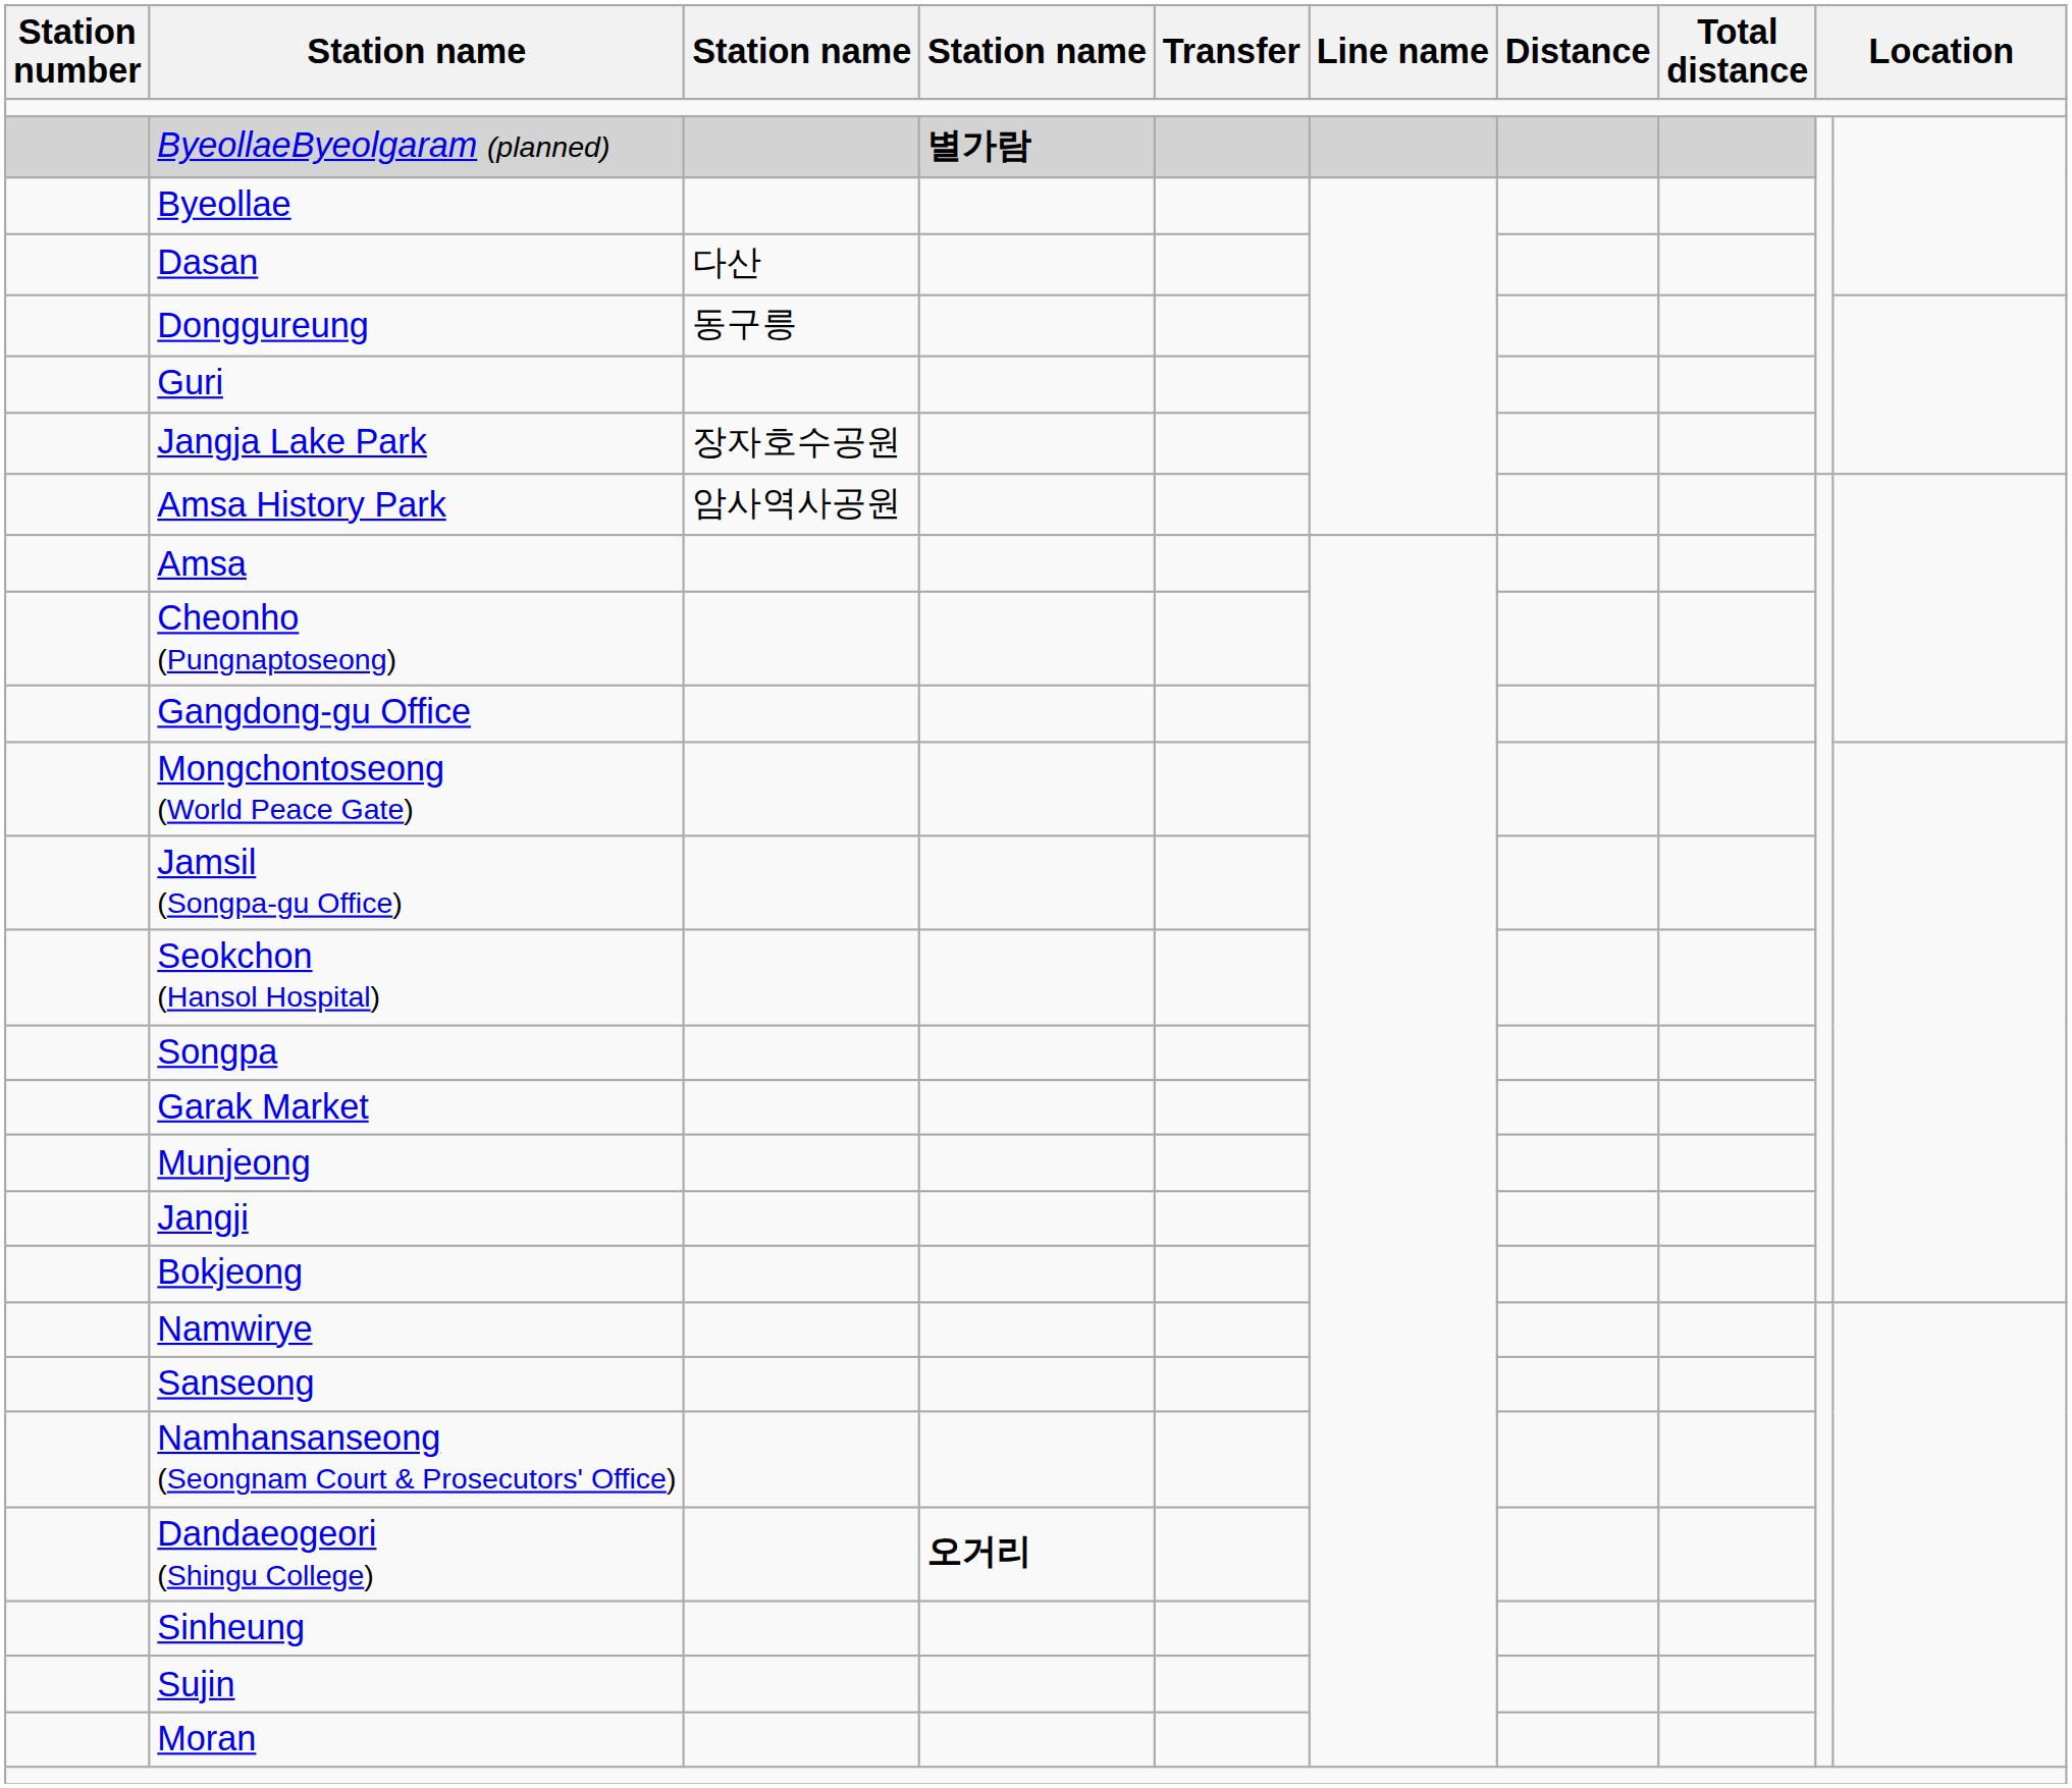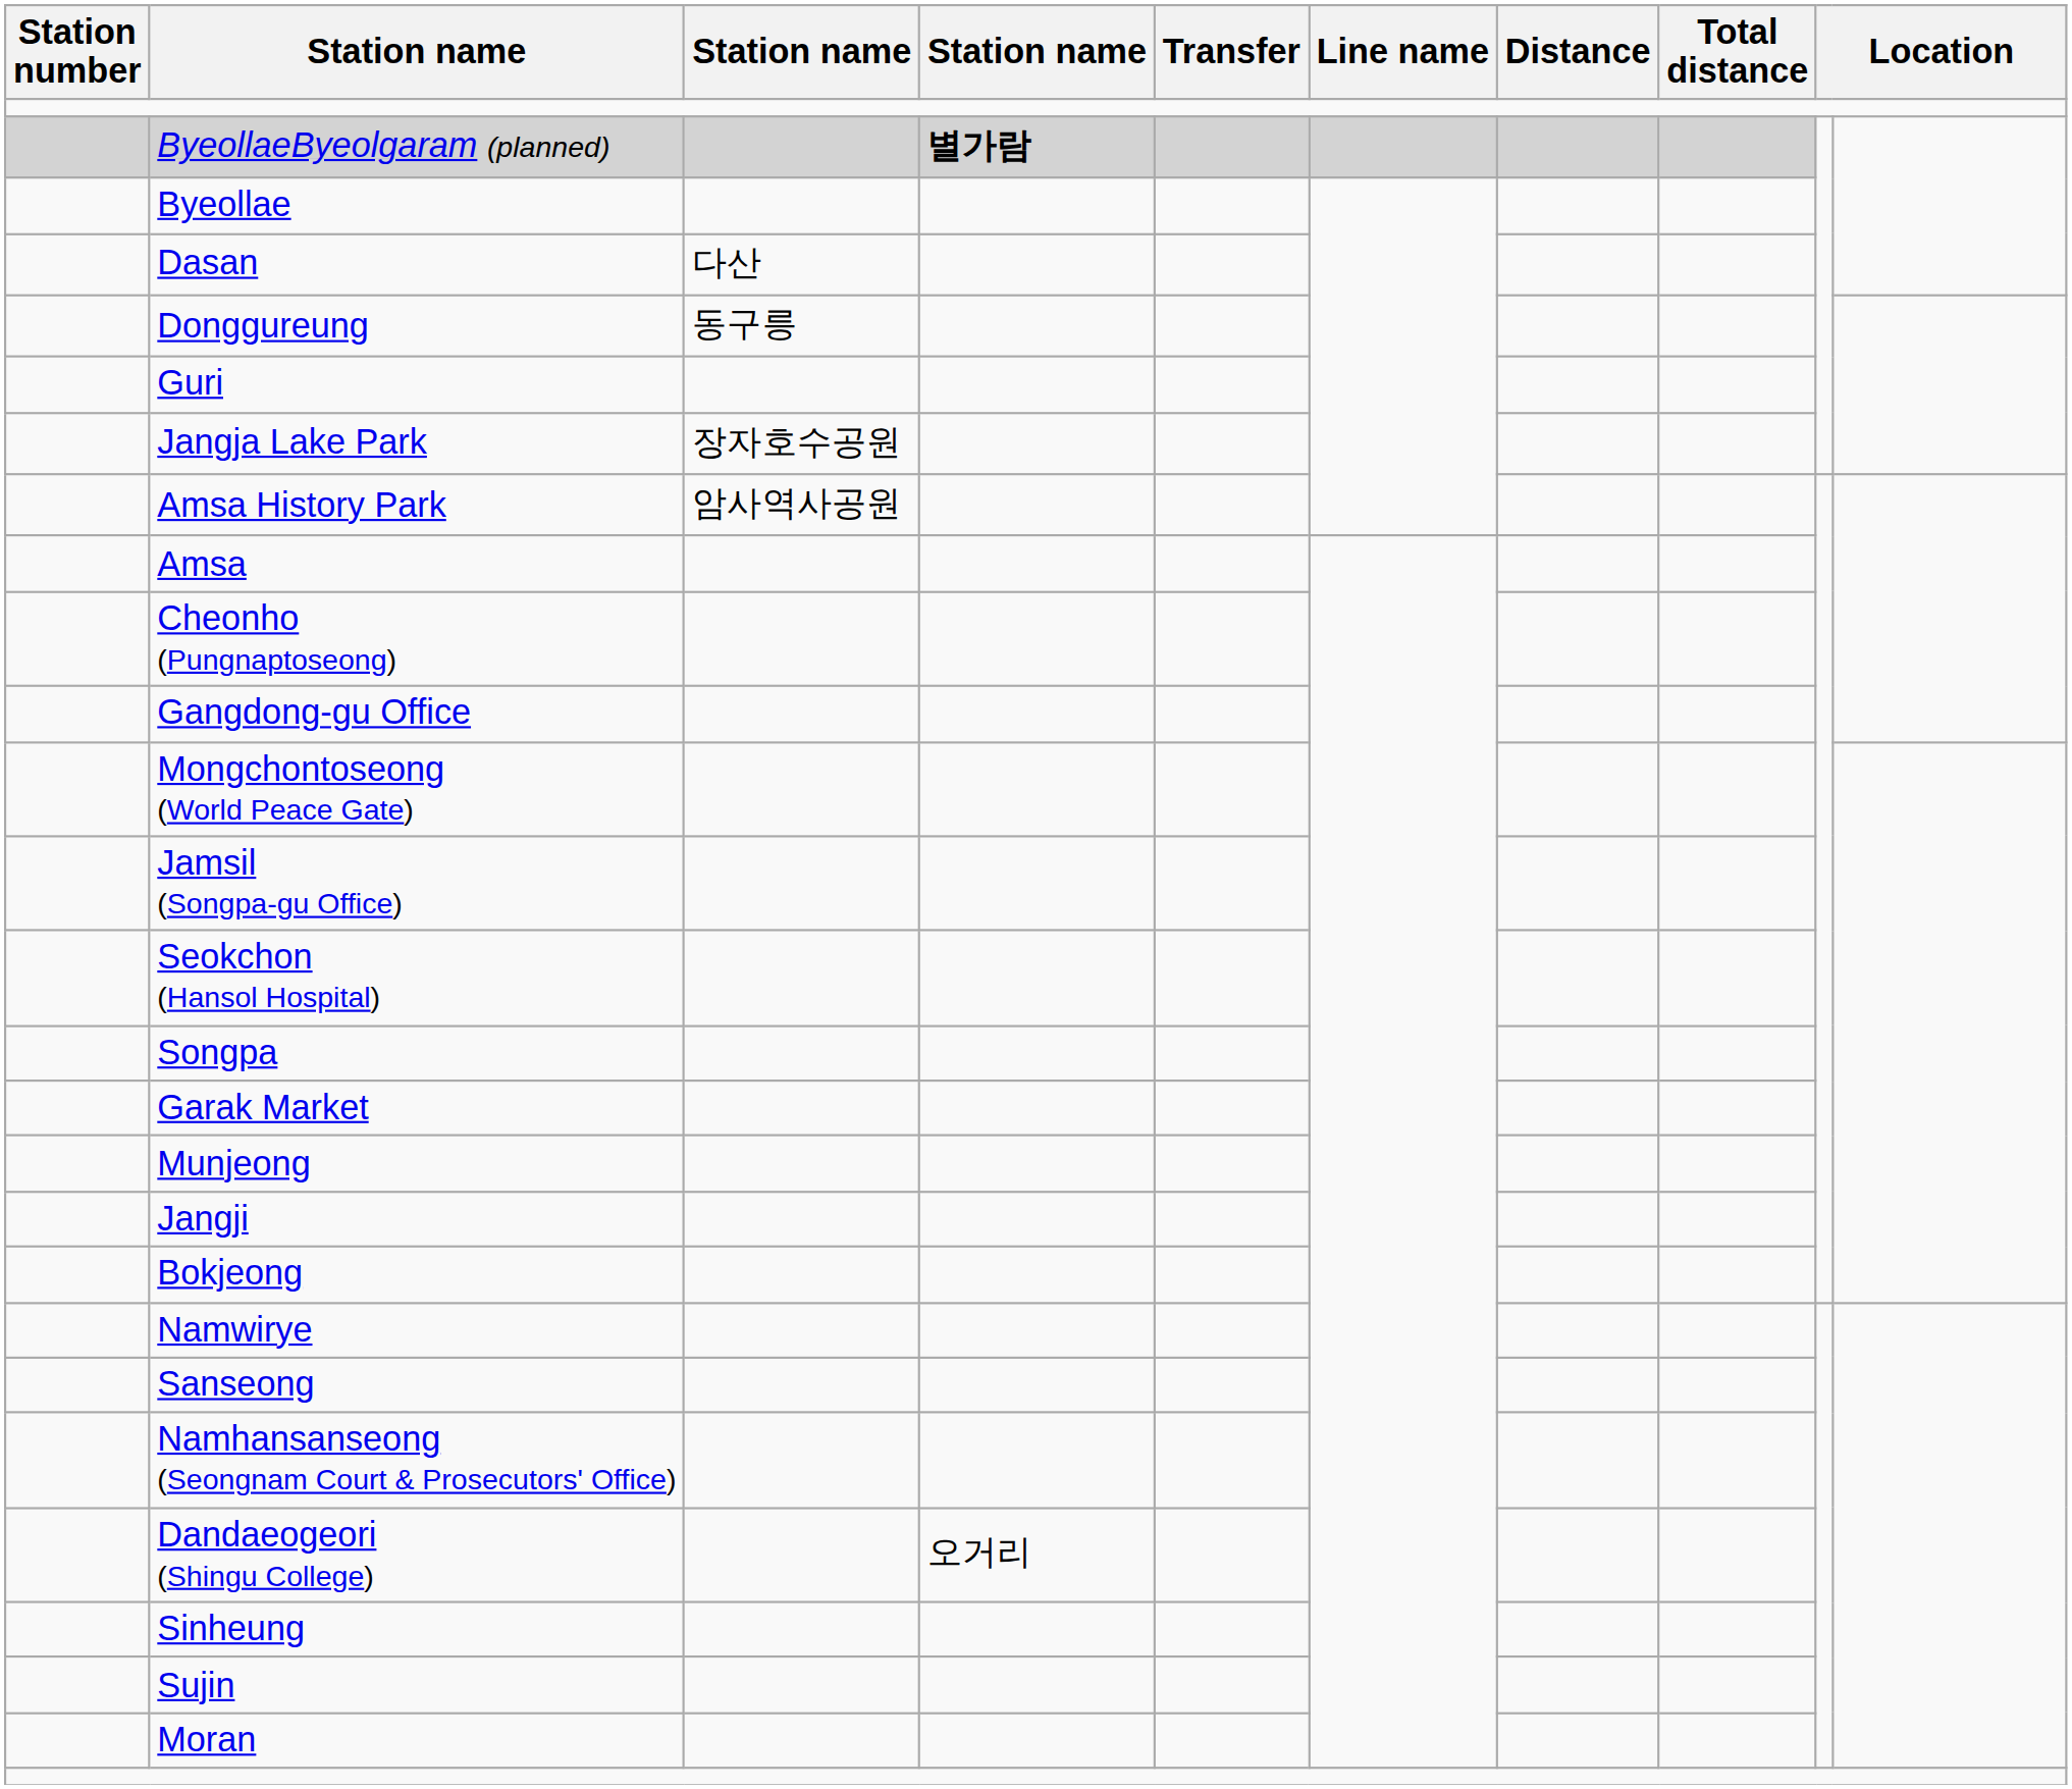 <table class="wikitable">
 <tr>
 <th>Station<br>number</th>
 <th>Station name<br></th>
 <th>Station name<br></th>
 <th>Station name<br></th>
 <th>Transfer</th>
 <th>Line name</th>
 <th>Distance<br></th>
 <th>Total<br>distance</th>
 <th colspan="2">Location</th>
 </tr>
 <tr style="background:#">
 <td colspan="10"></td>
 </tr>
 <tr>
 <td bgcolor="lightgrey"></td>
 <td bgcolor="lightgrey"><em><a href='#'>ByeollaeByeolgaram</a> <small>(planned)</small></em></td>
 <td bgcolor="lightgrey"></td>
 <td bgcolor="lightgrey"><strong>별가람</strong></td>
 <td bgcolor="lightgrey"></td>
 <td bgcolor="lightgrey"></td>
 <td bgcolor="lightgrey"></td>
 <td bgcolor="lightgrey"></td>
 <td rowspan="6"></td>
 <td rowspan="3" width="100pt"></td>
 </tr>
 <tr>
 <td></td>
 <td><a href='#'>Byeollae</a></td>
 <td></td>
 <td></td>
 <td></td>
 <td rowspan="6"></td>
 <td></td>
 <td></td>
 </tr>
 <tr>
 <td></td>
 <td><a href='#'>Dasan</a></td>
 <td>다산</td>
 <td></td>
 <td></td>
 <td></td>
 <td></td>
 </tr>
 <tr>
 <td></td>
 <td><a href='#'>Donggureung</a></td>
 <td>동구릉</td>
 <td></td>
 <td></td>
 <td></td>
 <td></td>
 <td rowspan="3"></td>
 </tr>
 <tr>
 <td></td>
 <td><a href='#'>Guri</a></td>
 <td></td>
 <td></td>
 <td></td>
 <td></td>
 <td></td>
 </tr>
 <tr>
 <td></td>
 <td><a href='#'>Jangja Lake Park</a></td>
 <td>장자호수공원</td>
 <td></td>
 <td></td>
 <td></td>
 <td></td>
 </tr>
 <tr>
 <td></td>
 <td><a href='#'>Amsa History Park</a></td>
 <td>암사역사공원</td>
 <td></td>
 <td></td>
 <td></td>
 <td></td>
 <td rowspan="12"></td>
 <td rowspan="4"></td>
 </tr>
 <tr>
 <td></td>
 <td><a href='#'>Amsa</a></td>
 <td></td>
 <td></td>
 <td></td>
 <td rowspan="18"></td>
 <td></td>
 <td></td>
 </tr>
 <tr>
 <td></td>
 <td><a href='#'>Cheonho</a> <br><small>(<a href='#'>Pungnaptoseong</a>)</small></td>
 <td></td>
 <td></td>
 <td></td>
 <td></td>
 <td></td>
 </tr>
 <tr>
 <td></td>
 <td><a href='#'>Gangdong-gu Office</a></td>
 <td></td>
 <td></td>
 <td></td>
 <td></td>
 <td></td>
 </tr>
 <tr>
 <td></td>
 <td><a href='#'>Mongchontoseong</a> <br><small>(<a href='#'>World Peace Gate</a>)</small></td>
 <td></td>
 <td></td>
 <td></td>
 <td></td>
 <td></td>
 <td rowspan="8"></td>
 </tr>
 <tr>
 <td></td>
 <td><a href='#'>Jamsil</a> <br><small>(<a href='#'>Songpa-gu Office</a>)</small></td>
 <td></td>
 <td></td>
 <td></td>
 <td></td>
 <td></td>
 </tr>
 <tr>
 <td></td>
 <td><a href='#'>Seokchon</a><br><small>(<a href='#'>Hansol Hospital</a>)</small></td>
 <td></td>
 <td></td>
 <td></td>
 <td></td>
 <td></td>
 </tr>
 <tr>
 <td></td>
 <td><a href='#'>Songpa</a></td>
 <td></td>
 <td></td>
 <td></td>
 <td></td>
 <td></td>
 </tr>
 <tr>
 <td></td>
 <td><a href='#'>Garak Market</a></td>
 <td></td>
 <td></td>
 <td></td>
 <td></td>
 <td></td>
 </tr>
 <tr>
 <td></td>
 <td><a href='#'>Munjeong</a></td>
 <td></td>
 <td></td>
 <td></td>
 <td></td>
 <td></td>
 </tr>
 <tr>
 <td></td>
 <td><a href='#'>Jangji</a></td>
 <td></td>
 <td></td>
 <td></td>
 <td></td>
 <td></td>
 </tr>
 <tr>
 <td></td>
 <td><a href='#'>Bokjeong</a></td>
 <td></td>
 <td></td>
 <td></td>
 <td></td>
 <td></td>
 </tr>
 <tr>
 <td></td>
 <td><a href='#'>Namwirye</a></td>
 <td></td>
 <td></td>
 <td></td>
 <td></td>
 <td></td>
 <td rowspan="7"></td>
 <td rowspan="7"></td>
 </tr>
 <tr>
 <td></td>
 <td><a href='#'>Sanseong</a></td>
 <td></td>
 <td></td>
 <td></td>
 <td></td>
 <td></td>
 </tr>
 <tr>
 <td></td>
 <td><a href='#'>Namhansanseong</a> <br><small>(<a href='#'>Seongnam Court & Prosecutors' Office</a>)</small></td>
 <td></td>
 <td></td>
 <td></td>
 <td></td>
 <td></td>
 </tr>
 <tr>
 <td></td>
 <td><a href='#'>Dandaeogeori</a> <br><small>(<a href='#'>Shingu College</a>)</small></td>
 <td></td>
-<td><strong>오거리</strong></td>
+<td>오거리</td>
 <td></td>
 <td></td>
 <td></td>
 </tr>
 <tr>
 <td></td>
 <td><a href='#'>Sinheung</a></td>
 <td></td>
 <td></td>
 <td></td>
 <td></td>
 <td></td>
 </tr>
 <tr>
 <td></td>
 <td><a href='#'>Sujin</a></td>
 <td></td>
 <td></td>
 <td></td>
 <td></td>
 <td></td>
 </tr>
 <tr>
 <td></td>
 <td><a href='#'>Moran</a></td>
 <td></td>
 <td></td>
 <td></td>
 <td></td>
 <td></td>
 </tr>
 <tr style="background:#">
 <td colspan="10"></td>
 </tr>
 </table>
